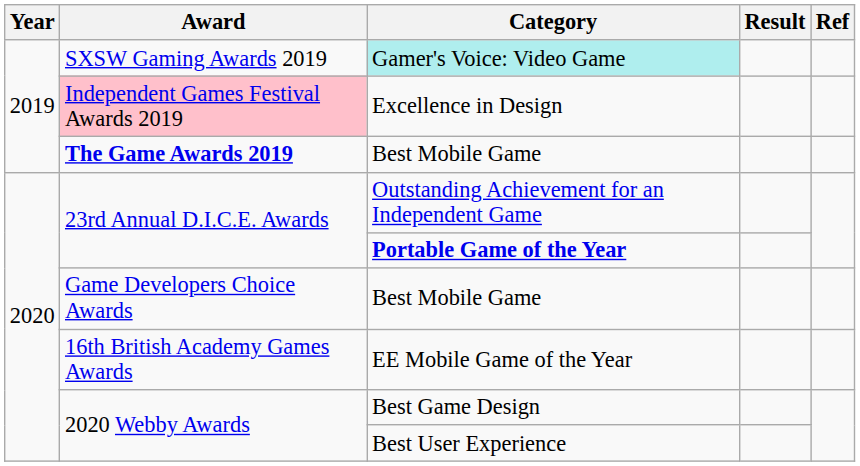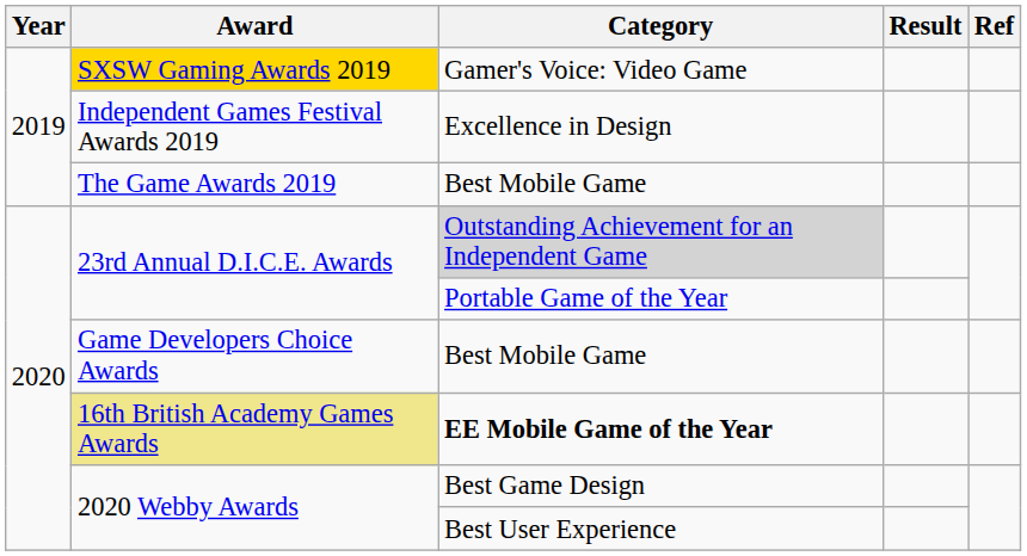 <table class="wikitable sortable">
 <tr>
 <th>Year</th>
 <th>Award</th>
 <th>Category</th>
 <th>Result</th>
 <th>Ref</th>
 </tr>
 <tr>
 <td rowspan="3" style="text-align:center;">2019</td>
-<td><a href='#'>SXSW Gaming Awards</a> 2019</td>
-<td style="background: paleturquoise;">Gamer's Voice: Video Game</td>
+<td style="background: gold;"><a href='#'>SXSW Gaming Awards</a> 2019</td>
+<td>Gamer's Voice: Video Game</td>
 <td></td>
 <td style="text-align:center;"></td>
 </tr>
 <tr>
-<td style="background: pink;"><a href='#'>Independent Games Festival</a> Awards 2019</td>
+<td><a href='#'>Independent Games Festival</a> Awards 2019</td>
 <td>Excellence in Design</td>
 <td></td>
 <td style="text-align:center;"></td>
 </tr>
 <tr>
-<td><strong><a href='#'>The Game Awards 2019</a></strong></td>
+<td><a href='#'>The Game Awards 2019</a></td>
 <td>Best Mobile Game</td>
 <td></td>
 <td style="text-align:center;"></td>
 </tr>
 <tr>
 <td style="text-align:center;" rowspan="6">2020</td>
 <td rowspan="2"><a href='#'>23rd Annual D.I.C.E. Awards</a></td>
-<td><a href='#'>Outstanding Achievement for an Independent Game</a></td>
+<td style="background: lightgrey;"><a href='#'>Outstanding Achievement for an Independent Game</a></td>
 <td></td>
 <td rowspan="2" style="text-align:center;"></td>
 </tr>
 <tr>
-<td><strong><a href='#'>Portable Game of the Year</a></strong></td>
+<td><a href='#'>Portable Game of the Year</a></td>
 <td></td>
 </tr>
 <tr>
 <td><a href='#'>Game Developers Choice Awards</a></td>
 <td>Best Mobile Game</td>
 <td></td>
 <td style="text-align:center;"></td>
 </tr>
 <tr>
-<td><a href='#'>16th British Academy Games Awards</a></td>
-<td>EE Mobile Game of the Year</td>
+<td style="background: khaki;"><a href='#'>16th British Academy Games Awards</a></td>
+<td><strong>EE Mobile Game of the Year</strong></td>
 <td></td>
 <td style="text-align:center;"></td>
 </tr>
 <tr>
 <td rowspan="2">2020 <a href='#'>Webby Awards</a></td>
 <td>Best Game Design</td>
 <td></td>
 <td rowspan="2" style="text-align:center;"></td>
 </tr>
 <tr>
 <td>Best User Experience</td>
 <td></td>
 </tr>
 </table>
